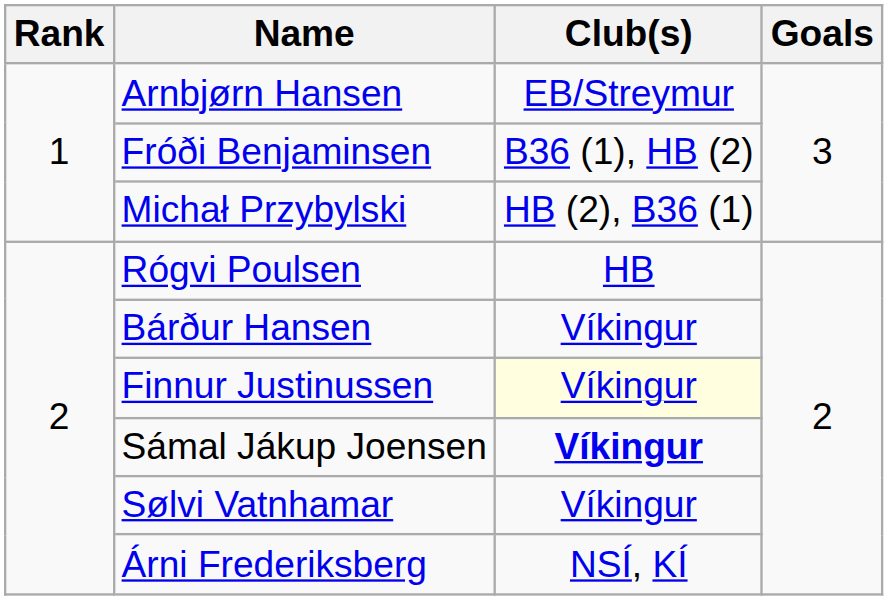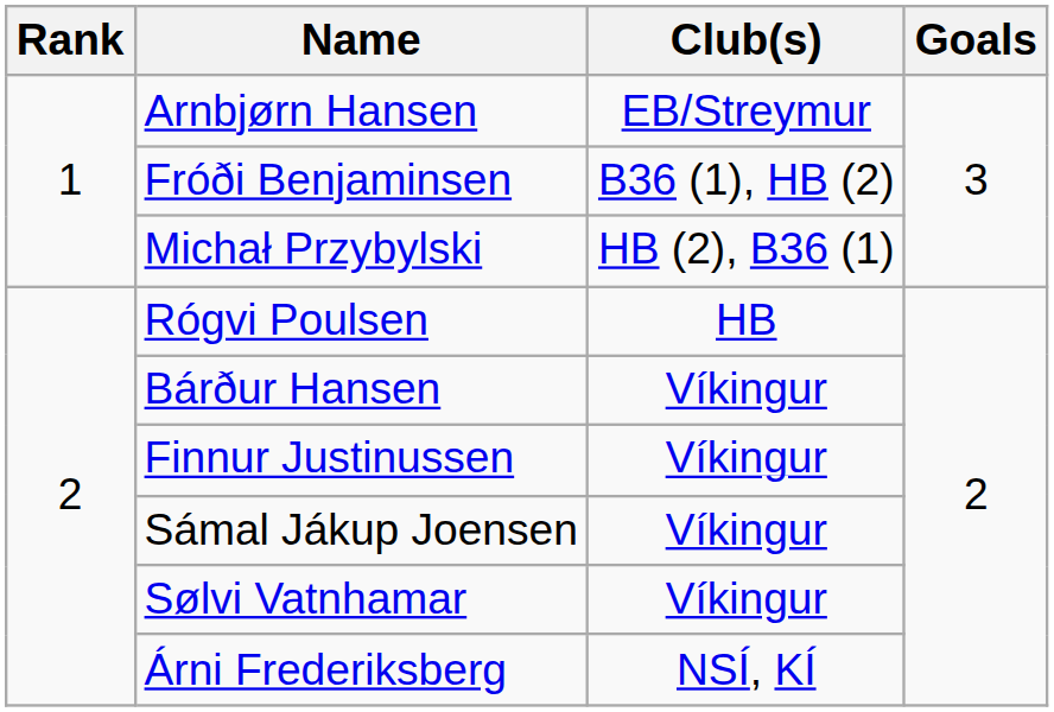 <table class="wikitable" style="text-align:center;">
 <tr>
 <th>Rank</th>
 <th>Name</th>
 <th>Club(s)</th>
 <th>Goals</th>
 </tr>
 <tr>
 <td rowspan=3>1</td>
 <td align=left> <a href='#'>Arnbjørn Hansen</a></td>
 <td><a href='#'>EB/Streymur</a></td>
 <td rowspan=3>3</td>
 </tr>
 <tr>
 <td align=left> <a href='#'>Fróði Benjaminsen</a></td>
 <td><a href='#'>B36</a> (1), <a href='#'>HB</a> (2)</td>
 </tr>
 <tr>
 <td align=left> <a href='#'>Michał Przybylski</a></td>
 <td><a href='#'>HB</a> (2), <a href='#'>B36</a> (1)</td>
 </tr>
 <tr>
 <td rowspan=8>2</td>
 <td align=left> <a href='#'>Rógvi Poulsen</a></td>
 <td><a href='#'>HB</a></td>
 <td rowspan=8>2</td>
 </tr>
 <tr>
 <td align=left> <a href='#'>Bárður Hansen</a></td>
 <td><a href='#'>Víkingur</a></td>
 </tr>
 <tr>
 <td align=left> <a href='#'>Finnur Justinussen</a></td>
-<td style="background: lightyellow;"><a href='#'>Víkingur</a></td>
+<td><a href='#'>Víkingur</a></td>
 </tr>
 <tr>
 <td align=left> Sámal Jákup Joensen</td>
-<td><strong><a href='#'>Víkingur</a></strong></td>
+<td><a href='#'>Víkingur</a></td>
 </tr>
 <tr>
 <td align=left> <a href='#'>Sølvi Vatnhamar</a></td>
 <td><a href='#'>Víkingur</a></td>
 </tr>
 <tr>
 <td align=left> <a href='#'>Árni Frederiksberg</a></td>
 <td><a href='#'>NSÍ</a>, <a href='#'>KÍ</a></td>
 </tr>
 </table>
